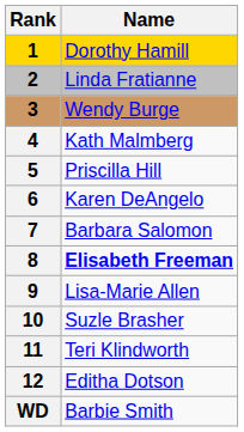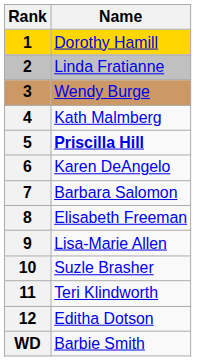 <table class="wikitable">
 <tr>
 <th>Rank</th>
 <th>Name</th>
 </tr>
 <tr bgcolor="gold">
 <td align="center"><strong>1</strong></td>
 <td><a href='#'>Dorothy Hamill</a></td>
 </tr>
 <tr bgcolor="silver">
 <td align="center"><strong>2</strong></td>
 <td><a href='#'>Linda Fratianne</a></td>
 </tr>
 <tr bgcolor="cc9966">
 <td align="center"><strong>3</strong></td>
 <td><a href='#'>Wendy Burge</a></td>
 </tr>
 <tr>
 <th>4</th>
 <td><a href='#'>Kath Malmberg</a></td>
 </tr>
 <tr>
 <th>5</th>
-<td><a href='#'>Priscilla Hill</a></td>
+<td><strong><a href='#'>Priscilla Hill</a></strong></td>
 </tr>
 <tr>
 <th>6</th>
 <td><a href='#'>Karen DeAngelo</a></td>
 </tr>
 <tr>
 <th>7</th>
 <td><a href='#'>Barbara Salomon</a></td>
 </tr>
 <tr>
 <th>8</th>
-<td><strong><a href='#'>Elisabeth Freeman</a></strong></td>
+<td><a href='#'>Elisabeth Freeman</a></td>
 </tr>
 <tr>
 <th>9</th>
 <td><a href='#'>Lisa-Marie Allen</a></td>
 </tr>
 <tr>
 <th>10</th>
 <td><a href='#'>Suzle Brasher</a></td>
 </tr>
 <tr>
 <th>11</th>
 <td><a href='#'>Teri Klindworth</a></td>
 </tr>
 <tr>
 <th>12</th>
 <td><a href='#'>Editha Dotson</a></td>
 </tr>
 <tr>
 <th>WD</th>
 <td><a href='#'>Barbie Smith</a></td>
 </tr>
 </table>
